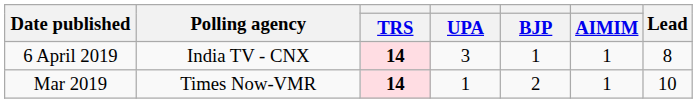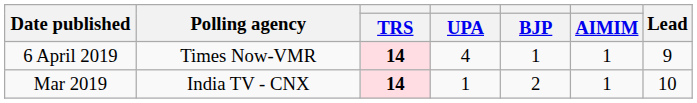 <table class="wikitable sortable" style="text-align:center;font-size:95%;line-height:16px">
 <tr>
 <th rowspan="2" width="100px">Date published</th>
 <th rowspan="2" width="175px">Polling agency</th>
 <th style="background:"></th>
 <th style="background:"></th>
 <th style="background:"></th>
 <th style="background:"></th>
 <th rowspan="2">Lead</th>
 </tr>
 <tr>
 <th width="50px" class="unsortable"><a href='#'>TRS</a></th>
 <th width="50px" class="unsortable"><a href='#'>UPA</a></th>
 <th width="50px" class="unsortable"><a href='#'>BJP</a></th>
 <th width="50px" class="unsortable"><a href='#'>AIMIM</a></th>
 </tr>
 <tr>
 <td>6 April 2019</td>
-<td>India TV - CNX</td>
+<td>Times Now-VMR</td>
 <td style="background:#FFDDE3"><strong>14</strong></td>
-<td>3</td>
+<td>4</td>
 <td>1</td>
 <td>1</td>
-<td style="background:">8</td>
+<td style="background:">9</td>
 </tr>
 <tr>
 <td>Mar 2019</td>
-<td>Times Now-VMR</td>
+<td>India TV - CNX</td>
 <td style="background:#FFDDE3"><strong>14</strong></td>
 <td>1</td>
 <td>2</td>
 <td>1</td>
 <td style="background:">10</td>
 </tr>
 </table>
